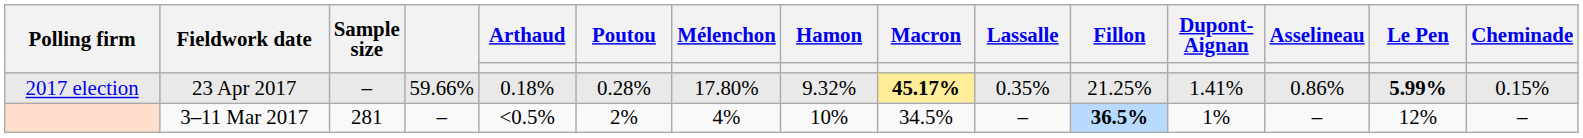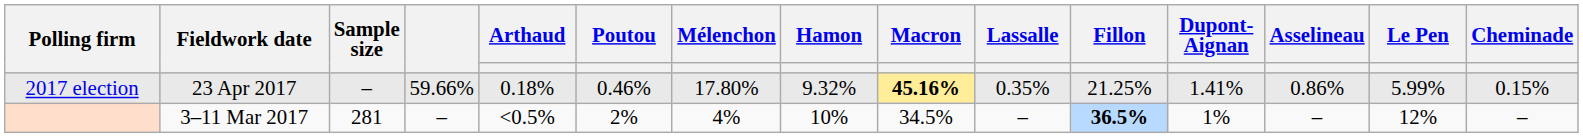 <table class="wikitable sortable" style="text-align:center;font-size:90%;line-height:14px;">
 <tr style="height:40px;">
 <th style="width:100px;" rowspan="2">Polling firm</th>
 <th style="width:110px;" rowspan="2">Fieldwork date</th>
 <th style="width:35px;" rowspan="2">Sample<br>size</th>
 <th style="width:30px;" rowspan="2"></th>
 <th class="unsortable" style="width:60px;"><a href='#'>Arthaud</a><br></th>
 <th class="unsortable" style="width:60px;"><a href='#'>Poutou</a><br></th>
 <th class="unsortable" style="width:60px;"><a href='#'>Mélenchon</a><br></th>
 <th class="unsortable" style="width:60px;"><a href='#'>Hamon</a><br></th>
 <th class="unsortable" style="width:60px;"><a href='#'>Macron</a><br></th>
 <th class="unsortable" style="width:60px;"><a href='#'>Lassalle</a><br></th>
 <th class="unsortable" style="width:60px;"><a href='#'>Fillon</a><br></th>
 <th class="unsortable" style="width:60px;"><a href='#'>Dupont-Aignan</a><br></th>
 <th class="unsortable" style="width:60px;"><a href='#'>Asselineau</a><br></th>
 <th class="unsortable" style="width:60px;"><a href='#'>Le Pen</a><br></th>
 <th class="unsortable" style="width:60px;"><a href='#'>Cheminade</a><br></th>
 </tr>
 <tr>
 <th style="background:"></th>
 <th style="background:"></th>
 <th style="background:"></th>
 <th style="background:"></th>
 <th style="background:"></th>
 <th style="background:"></th>
 <th style="background:"></th>
 <th style="background:"></th>
 <th style="background:"></th>
 <th style="background:"></th>
 <th style="background:"></th>
 </tr>
 <tr style="background:#E9E9E9;">
 <td><a href='#'>2017 election</a></td>
 <td data-sort-value="2017-04-23">23 Apr 2017</td>
 <td>–</td>
 <td>59.66%</td>
 <td>0.18%</td>
-<td>0.28%</td>
+<td>0.46%</td>
 <td>17.80%</td>
 <td>9.32%</td>
-<td style="background:#FFED99;"><strong>45.17%</strong></td>
+<td style="background:#FFED99;"><strong>45.16%</strong></td>
 <td>0.35%</td>
 <td>21.25%</td>
 <td>1.41%</td>
 <td>0.86%</td>
-<td><strong>5.99%</strong></td>
+<td>5.99%</td>
 <td>0.15%</td>
 </tr>
 <tr>
 <td style="background:#FFDFCC;"></td>
 <td data-sort-value="2017-03-11">3–11 Mar 2017</td>
 <td>281</td>
 <td>–</td>
 <td data-sort-value="0%"><0.5%</td>
 <td>2%</td>
 <td>4%</td>
 <td>10%</td>
 <td>34.5%</td>
 <td>–</td>
 <td style="background:#B9DAFF;"><strong>36.5%</strong></td>
 <td>1%</td>
 <td>–</td>
 <td>12%</td>
 <td>–</td>
 </tr>
 </table>
